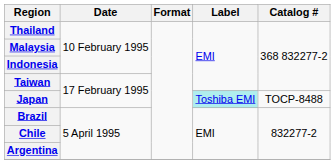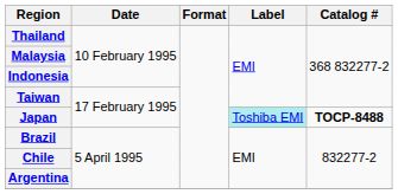 <table class="wikitable plainrowheaders">
 <tr>
 <th scope="col">Region</th>
 <th scope="col">Date</th>
 <th scope="col">Format</th>
 <th scope="col">Label</th>
 <th scope="col">Catalog #</th>
 </tr>
 <tr>
 <th scope="row"><a href='#'>Thailand</a></th>
 <td rowspan="3">10 February 1995</td>
 <td rowspan="8"></td>
 <td rowspan="4"><a href='#'>EMI</a></td>
 <td style="text-align:center;" rowspan="4">368 832277-2</td>
 </tr>
 <tr>
 <th scope="row"><a href='#'>Malaysia</a></th>
 </tr>
 <tr>
 <th scope="row"><a href='#'>Indonesia</a></th>
 </tr>
 <tr>
 <th scope="row"><a href='#'>Taiwan</a></th>
 <td rowspan="2">17 February 1995</td>
 </tr>
 <tr>
 <th scope="row"><a href='#'>Japan</a></th>
 <td style="background: paleturquoise;"><a href='#'>Toshiba EMI</a></td>
-<td style="text-align:center;">TOCP-8488</td>
+<td style="text-align:center;"><strong>TOCP-8488</strong></td>
 </tr>
 <tr>
 <th scope="row"><a href='#'>Brazil</a></th>
 <td rowspan="3">5 April 1995</td>
 <td rowspan="3">EMI</td>
 <td style="text-align:center;" rowspan="3">832277-2</td>
 </tr>
 <tr>
 <th scope="row"><a href='#'>Chile</a></th>
 </tr>
 <tr>
 <th scope="row"><a href='#'>Argentina</a></th>
 </tr>
 <tr>
 </tr>
 </table>
